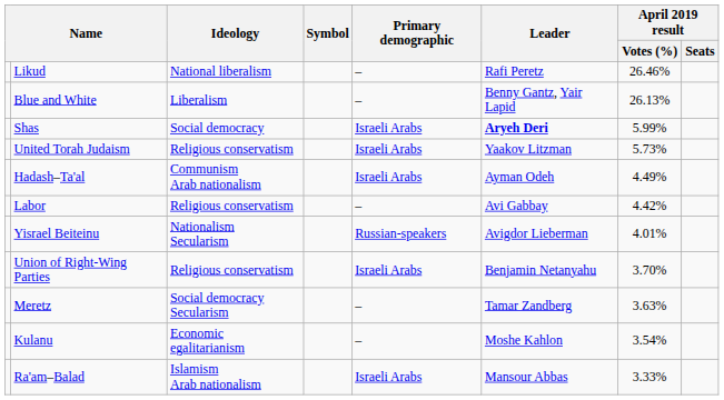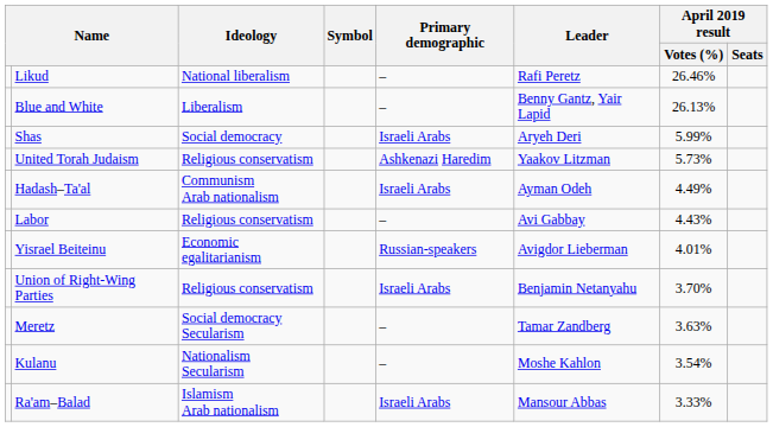 <table class="wikitable">
 <tr>
 <th rowspan="2" colspan=2>Name</th>
 <th rowspan="2">Ideology</th>
 <th rowspan="2">Symbol</th>
 <th rowspan="2">Primary demographic</th>
 <th rowspan="2">Leader</th>
 <th colspan="2">April 2019 result</th>
 </tr>
 <tr>
 <th>Votes (%)</th>
 <th>Seats</th>
 </tr>
 <tr>
 <td style="background:"></td>
 <td><a href='#'>Likud</a></td>
 <td><a href='#'>National liberalism</a></td>
 <td></td>
 <td>–</td>
 <td><a href='#'>Rafi Peretz</a></td>
 <td style="text-align:center;">26.46%</td>
 <td></td>
 </tr>
 <tr>
 <td style="background:"></td>
 <td><a href='#'>Blue and White</a></td>
 <td><a href='#'>Liberalism</a></td>
 <td></td>
 <td>–</td>
 <td><a href='#'>Benny Gantz</a>, <a href='#'>Yair Lapid</a></td>
 <td style="text-align:center;">26.13%</td>
 <td></td>
 </tr>
 <tr>
 <td style="background:"></td>
 <td><a href='#'>Shas</a></td>
 <td><a href='#'>Social democracy</a></td>
 <td></td>
 <td><a href='#'>Israeli Arabs</a></td>
-<td><strong><a href='#'>Aryeh Deri</a></strong></td>
+<td><a href='#'>Aryeh Deri</a></td>
 <td style="text-align:center;">5.99%</td>
 <td></td>
 </tr>
 <tr>
 <td style="background:"></td>
 <td><a href='#'>United Torah Judaism</a></td>
 <td><a href='#'>Religious conservatism</a></td>
 <td></td>
-<td><a href='#'>Israeli Arabs</a></td>
+<td><a href='#'>Ashkenazi</a> <a href='#'>Haredim</a></td>
 <td><a href='#'>Yaakov Litzman</a></td>
 <td style="text-align:center;">5.73%</td>
 <td></td>
 </tr>
 <tr>
 <td style="background:"></td>
 <td><a href='#'>Hadash</a>–<a href='#'>Ta'al</a></td>
 <td><a href='#'>Communism</a><br><a href='#'>Arab nationalism</a></td>
 <td></td>
 <td><a href='#'>Israeli Arabs</a></td>
 <td><a href='#'>Ayman Odeh</a></td>
 <td style="text-align:center;">4.49%</td>
 <td></td>
 </tr>
 <tr>
 <td style="background:"></td>
 <td><a href='#'>Labor</a></td>
 <td><a href='#'>Religious conservatism</a></td>
 <td></td>
 <td>–</td>
 <td><a href='#'>Avi Gabbay</a></td>
-<td style="text-align:center;">4.42%</td>
+<td style="text-align:center;">4.43%</td>
 <td></td>
 </tr>
 <tr>
 <td style="background:"></td>
 <td><a href='#'>Yisrael Beiteinu</a></td>
-<td><a href='#'>Nationalism</a><br><a href='#'>Secularism</a></td>
+<td><a href='#'>Economic egalitarianism</a></td>
 <td></td>
 <td><a href='#'>Russian-speakers</a></td>
 <td><a href='#'>Avigdor Lieberman</a></td>
 <td style="text-align:center;">4.01%</td>
 <td></td>
 </tr>
 <tr>
 <td style="background:"></td>
 <td><a href='#'>Union of Right-Wing Parties</a></td>
 <td><a href='#'>Religious conservatism</a></td>
 <td></td>
 <td><a href='#'>Israeli Arabs</a></td>
 <td><a href='#'>Benjamin Netanyahu</a></td>
 <td style="text-align:center;">3.70%</td>
 <td></td>
 </tr>
 <tr>
 <td style="background:"></td>
 <td><a href='#'>Meretz</a></td>
 <td><a href='#'>Social democracy</a><br><a href='#'>Secularism</a></td>
 <td></td>
 <td>–</td>
 <td><a href='#'>Tamar Zandberg</a></td>
 <td style="text-align:center;">3.63%</td>
 <td></td>
 </tr>
 <tr>
 <td style="background:"></td>
 <td><a href='#'>Kulanu</a></td>
-<td><a href='#'>Economic egalitarianism</a></td>
+<td><a href='#'>Nationalism</a><br><a href='#'>Secularism</a></td>
 <td></td>
 <td>–</td>
 <td><a href='#'>Moshe Kahlon</a></td>
 <td style="text-align:center;">3.54%</td>
 <td></td>
 </tr>
 <tr>
 <td style="background:"></td>
 <td><a href='#'>Ra'am</a>–<a href='#'>Balad</a></td>
 <td><a href='#'>Islamism</a><br><a href='#'>Arab nationalism</a></td>
 <td></td>
 <td><a href='#'>Israeli Arabs</a></td>
 <td><a href='#'>Mansour Abbas</a></td>
 <td style="text-align:center;">3.33%</td>
 <td></td>
 </tr>
 </table>
